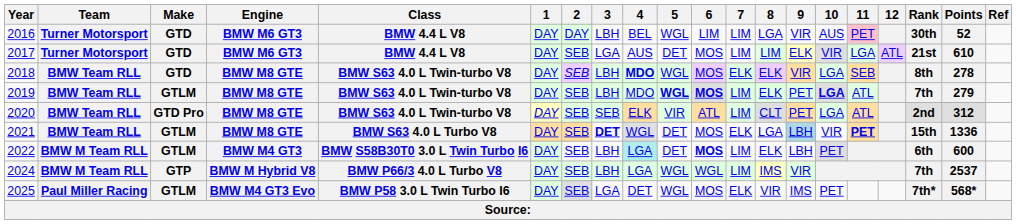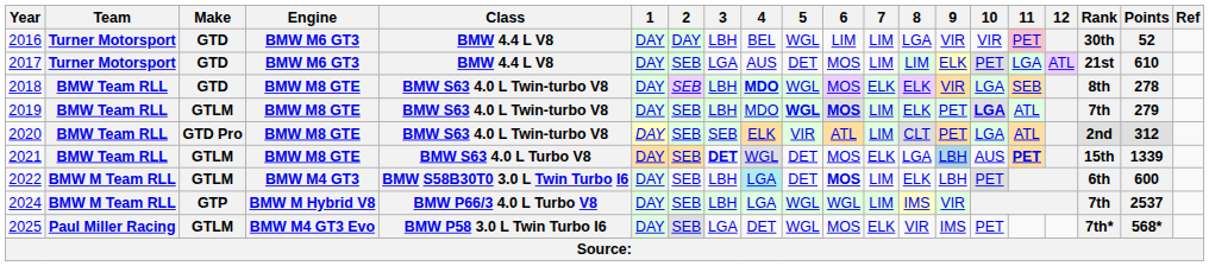 <table class="wikitable" style="text-align:center; font-size:90%">
 <tr>
 <th>Year</th>
 <th>Team</th>
 <th>Make</th>
 <th>Engine</th>
 <th>Class</th>
 <th>1</th>
 <th>2</th>
 <th>3</th>
 <th>4</th>
 <th>5</th>
 <th>6</th>
 <th>7</th>
 <th>8</th>
 <th>9</th>
 <th>10</th>
 <th>11</th>
 <th>12</th>
 <th>Rank</th>
 <th>Points</th>
 <th>Ref</th>
 </tr>
 <tr>
 <td><a href='#'>2016</a></td>
 <th><a href='#'>Turner Motorsport</a></th>
 <th>GTD</th>
 <th><a href='#'>BMW M6 GT3</a></th>
 <th><a href='#'>BMW</a> 4.4 L V8</th>
 <td style=background:#DFFFDF><a href='#'>DAY</a><br></td>
 <td style=background:#DFFFDF><a href='#'>DAY</a><br></td>
 <td><a href='#'>LBH</a></td>
 <td><a href='#'>BEL</a></td>
 <td><a href='#'>WGL</a></td>
 <td><a href='#'>LIM</a></td>
 <td><a href='#'>LIM</a></td>
 <td><a href='#'>LGA</a></td>
 <td><a href='#'>VIR</a></td>
-<td><a href='#'>AUS</a></td>
+<td><a href='#'>VIR</a></td>
 <td style="background: pink;"><a href='#'>PET</a></td>
 <th></th>
 <th>30th</th>
 <th>52</th>
 <td></td>
 </tr>
 <tr>
 <td><a href='#'>2017</a></td>
 <th><a href='#'>Turner Motorsport</a></th>
 <th>GTD</th>
 <th><a href='#'>BMW M6 GT3</a></th>
 <th><a href='#'>BMW</a> 4.4 L V8</th>
 <td style=background:#DFFFDF><a href='#'>DAY</a><br></td>
 <td style=background:#DFFFDF><a href='#'>SEB</a><br></td>
 <td><a href='#'>LGA</a></td>
 <td><a href='#'>AUS</a></td>
 <td><a href='#'>DET</a></td>
 <td><a href='#'>MOS</a></td>
 <td><a href='#'>LIM</a></td>
 <td style=background:#DFFFDF><a href='#'>LIM</a><br></td>
 <td style=background:#FFFFBF><a href='#'>ELK</a><br></td>
-<td style=background:#DFDFDF><a href='#'>VIR</a><br></td>
+<td style=background:#DFDFDF><a href='#'>PET</a><br></td>
 <td style=background:#DFFFDF><a href='#'>LGA</a><br></td>
 <td style=background:#EFCFFF><a href='#'>ATL</a><br></td>
 <th>21st</th>
 <th>610</th>
 <td></td>
 </tr>
 <tr>
 <td><a href='#'>2018</a></td>
 <th><a href='#'>BMW Team RLL</a></th>
 <th>GTD</th>
 <th><a href='#'>BMW M8 GTE</a></th>
 <th><a href='#'>BMW S63</a> 4.0 L Twin-turbo V8</th>
 <td style=background:#DFFFDF><a href='#'>DAY</a><br></td>
 <td style=background:#EFCFFF><em><a href='#'>SEB</a></em><br></td>
 <td style=background:#DFFFDF><a href='#'>LBH</a><br></td>
 <td style=background:#DFFFDF><strong><a href='#'>MDO</a></strong><br></td>
 <td style=background:#DFFFDF><a href='#'>WGL</a><br></td>
 <td style=background:#EFCFFF><a href='#'>MOS</a><br></td>
 <td style=background:#DFFFDF><a href='#'>ELK</a><br></td>
 <td style=background:#EFCFFF><a href='#'>ELK</a><br></td>
 <td style=background:#FFDF9F><a href='#'>VIR</a><br></td>
 <td style=background:#DFFFDF><a href='#'>LGA</a><br></td>
 <td style=background:#FFDF9F><a href='#'>SEB</a><br></td>
 <th></th>
 <th>8th</th>
 <th>278</th>
 <td></td>
 </tr>
 <tr>
 <td><a href='#'>2019</a></td>
 <th><a href='#'>BMW Team RLL</a></th>
 <th>GTLM</th>
 <th><a href='#'>BMW M8 GTE</a></th>
 <th><a href='#'>BMW S63</a> 4.0 L Twin-turbo V8</th>
 <td style=background:#DFFFDF><a href='#'>DAY</a><br></td>
 <td style=background:#DFFFDF><a href='#'>SEB</a><br></td>
 <td style=background:#DFFFDF><a href='#'>LBH</a><br></td>
 <td style=background:#DFFFDF><a href='#'>MDO</a><br></td>
 <td style=background:#DFFFDF><strong><a href='#'>WGL</a><br></strong></td>
 <td style=background:#DFDFDF><strong><a href='#'>MOS</a></strong><br></td>
 <td style=background:#DFFFDF><a href='#'>LIM</a><br></td>
 <td style=background:#DFFFDF><a href='#'>ELK</a><br></td>
 <td style=background:#DFFFDF><a href='#'>PET</a><br></td>
 <td style=background:#DFDFDF><strong><a href='#'>LGA</a></strong><br></td>
 <td style=background:#DFFFDF><a href='#'>ATL</a><br></td>
 <th></th>
 <th>7th</th>
 <th>279</th>
 <td></td>
 </tr>
 <tr>
 <td><a href='#'>2020</a></td>
 <th><a href='#'>BMW Team RLL</a></th>
 <th>GTD Pro</th>
 <th><a href='#'>BMW M8 GTE</a></th>
 <th><a href='#'>BMW S63</a> 4.0 L Twin-turbo V8</th>
 <td style=background:#FFFFBF><em><a href='#'>DAY</a></em><br></td>
 <td style=background:#DFFFDF><a href='#'>SEB</a><br></td>
 <td style=background:#DFFFDF><a href='#'>SEB</a><br></td>
 <td style=background:#FFDF9F><a href='#'>ELK</a><br></td>
 <td style=background:#DFFFDF><a href='#'>VIR</a><br></td>
 <td style=background:#FFDF9F><a href='#'>ATL</a><br></td>
 <td style=background:#DFFFDF><a href='#'>LIM</a><br></td>
 <td style=background:#DFDFDF><a href='#'>CLT</a><br></td>
 <td style=background:#FFDF9F><a href='#'>PET</a><br></td>
 <td style=background:#DFFFDF><a href='#'>LGA</a><br></td>
 <td style=background:#FFDF9F><a href='#'>ATL</a><br></td>
 <th></th>
 <th style="background:#DFDFDF">2nd</th>
 <th style="background:#DFDFDF">312</th>
 <td></td>
 </tr>
 <tr>
 <td><a href='#'>2021</a></td>
 <th><a href='#'>BMW Team RLL</a></th>
 <th>GTLM</th>
 <th><a href='#'>BMW M8 GTE</a></th>
 <th><a href='#'>BMW S63</a> 4.0 L Turbo V8</th>
 <td style=background:#FFDF9F><a href='#'>DAY</a><br></td>
 <td style=background:#FFDF9F><a href='#'>SEB</a><br></td>
 <td><strong><a href='#'>DET</a></strong></td>
 <td style=background:#DFDFDF><a href='#'>WGL</a><br></td>
 <td><a href='#'>DET</a></td>
 <td><a href='#'>MOS</a></td>
 <td><a href='#'>ELK</a></td>
 <td><a href='#'>LGA</a></td>
 <td style="background: lightblue;"><a href='#'>LBH</a></td>
-<td><a href='#'>VIR</a></td>
+<td><a href='#'>AUS</a></td>
 <td style="background:#FFDF9F"><strong><a href='#'>PET</a></strong><br></td>
 <th></th>
 <th>15th</th>
-<th>1336</th>
+<th>1339</th>
 <td></td>
 </tr>
 <tr>
 <td><a href='#'>2022</a></td>
 <th><a href='#'>BMW M Team RLL</a></th>
 <th>GTLM</th>
 <th><a href='#'>BMW M4 GT3</a></th>
 <th><a href='#'>BMW</a> <a href='#'>S58B30T0</a> 3.0 L <a href='#'>Twin Turbo</a> <a href='#'>I6</a></th>
 <td style=background:#DFFFDF><a href='#'>DAY</a><br></td>
 <td><a href='#'>SEB</a></td>
 <td><a href='#'>LBH</a></td>
 <td style="background: paleturquoise;"><a href='#'>LGA</a></td>
 <td><a href='#'>DET</a></td>
 <td><strong><a href='#'>MOS</a></strong></td>
 <td><a href='#'>LIM</a></td>
 <td><a href='#'>ELK</a></td>
 <td><a href='#'>LBH</a></td>
 <td style=background:#DFDFDF><a href='#'>PET</a><br></td>
 <th colspan=2></th>
 <th>6th</th>
 <th>600</th>
 <td></td>
 </tr>
 <tr>
 <td><a href='#'>2024</a></td>
 <th><a href='#'>BMW M Team RLL</a></th>
 <th>GTP</th>
 <th><a href='#'>BMW M Hybrid V8</a></th>
 <th><a href='#'>BMW P66/3</a> 4.0 L Turbo <a href='#'>V8</a></th>
 <td style=background:#DFFFDF><a href='#'>DAY</a><br></td>
 <td style=background:#DFFFDF><a href='#'>SEB</a><br></td>
 <td style=background:#DFFFDF><a href='#'>LBH</a><br></td>
 <td style=background:#DFFFDF><a href='#'>LGA</a><br></td>
 <td style=background:#DFFFDF><a href='#'>WGL</a><br></td>
 <td style=background:#DFFFDF><a href='#'>WGL</a><br></td>
 <td style=background:#DFFFDF><a href='#'>LIM</a><br></td>
 <td style=background:#FFFFBF><a href='#'>IMS</a><br></td>
 <td style=background:#DFFFDF><a href='#'>VIR</a><br></td>
 <th colspan=3></th>
 <th>7th</th>
 <th>2537</th>
 <td></td>
 </tr>
 <tr>
 <td><a href='#'>2025</a></td>
 <th><a href='#'>Paul Miller Racing</a></th>
 <th>GTLM</th>
 <th><a href='#'>BMW M4 GT3 Evo</a></th>
 <th><a href='#'>BMW P58</a> 3.0 L Twin Turbo I6</th>
 <td style="background:#DFFFDF;"><a href='#'>DAY</a><br></td>
 <td style="background:#DFDFDF;"><a href='#'>SEB</a><br></td>
 <td style="background:#;"><a href='#'>LGA</a><br></td>
 <td style="background:#;"><a href='#'>DET</a><br></td>
 <td style="background:#;"><a href='#'>WGL</a><br></td>
 <td style="background:#;"><a href='#'>MOS</a><br></td>
 <td style="background:#;"><a href='#'>ELK</a><br></td>
 <td style="background:#;"><a href='#'>VIR</a><br></td>
 <td style="background:#;"><a href='#'>IMS</a><br></td>
 <td style="background:#;"><a href='#'>PET</a><br></td>
 <td></td>
 <td></td>
 <th>7th*</th>
 <th>568*</th>
 </tr>
 <tr>
 <th colspan="20">Source:</th>
 </tr>
 </table>
